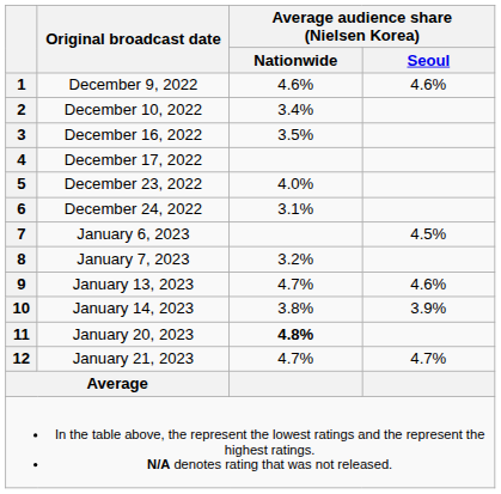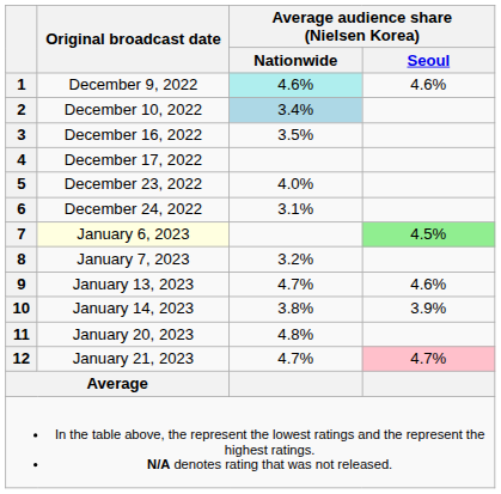 <table class="wikitable" style="text-align:center; max-width:500px; margin-left:auto; margin-right:auto">
 <tr>
 <th scope="col" rowspan="2"></th>
 <th scope="col" rowspan="2">Original broadcast date</th>
 <th scope="col" colspan="2">Average audience share<br>(Nielsen Korea)</th>
 </tr>
 <tr>
 <th scope="col" style="width:8em">Nationwide</th>
 <th scope="col" style="width:8em"><a href='#'>Seoul</a></th>
 </tr>
 <tr>
 <th>1</th>
 <td>December 9, 2022</td>
-<td>4.6% </td>
+<td style="background: paleturquoise;">4.6% </td>
 <td>4.6% </td>
 </tr>
 <tr>
 <th>2</th>
 <td>December 10, 2022</td>
-<td>3.4% </td>
+<td style="background: lightblue;">3.4% </td>
 <td></td>
 </tr>
 <tr>
 <th>3</th>
 <td>December 16, 2022</td>
 <td>3.5% </td>
 <td><strong></strong> </td>
 </tr>
 <tr>
 <th>4</th>
 <td>December 17, 2022</td>
 <td><strong></strong> </td>
 <td></td>
 </tr>
 <tr>
 <th>5</th>
 <td>December 23, 2022</td>
 <td>4.0% </td>
 <td><strong></strong> </td>
 </tr>
 <tr>
 <th>6</th>
 <td>December 24, 2022</td>
 <td>3.1% </td>
 <td></td>
 </tr>
 <tr>
 <th>7</th>
-<td>January 6, 2023</td>
+<td style="background: lightyellow;">January 6, 2023</td>
 <td><strong></strong> </td>
-<td>4.5% </td>
+<td style="background: lightgreen;">4.5% </td>
 </tr>
 <tr>
 <th>8</th>
 <td>January 7, 2023</td>
 <td>3.2% </td>
 <td></td>
 </tr>
 <tr>
 <th>9</th>
 <td>January 13, 2023</td>
 <td>4.7% </td>
 <td>4.6% </td>
 </tr>
 <tr>
 <th>10</th>
 <td>January 14, 2023</td>
 <td>3.8% </td>
 <td>3.9% </td>
 </tr>
 <tr>
 <th>11</th>
 <td>January 20, 2023</td>
-<td><strong>4.8% </strong></td>
+<td>4.8% </td>
 <td><strong></strong> </td>
 </tr>
 <tr>
 <th>12</th>
 <td>January 21, 2023</td>
 <td>4.7% </td>
-<td>4.7% </td>
+<td style="background: pink;">4.7% </td>
 </tr>
 <tr>
 <th scope="col" colspan="2">Average</th>
 <th scope="col"></th>
 <th scope="col"></th>
 </tr>
 <tr>
 <td colspan="4" style="font-size:85%"><br><ul><li>In the table above, the <strong></strong> represent the lowest ratings and the <strong></strong> represent the highest ratings.</li><li><strong>N/A</strong> denotes rating that was not released.</li></ul></td>
 </tr>
 </table>
